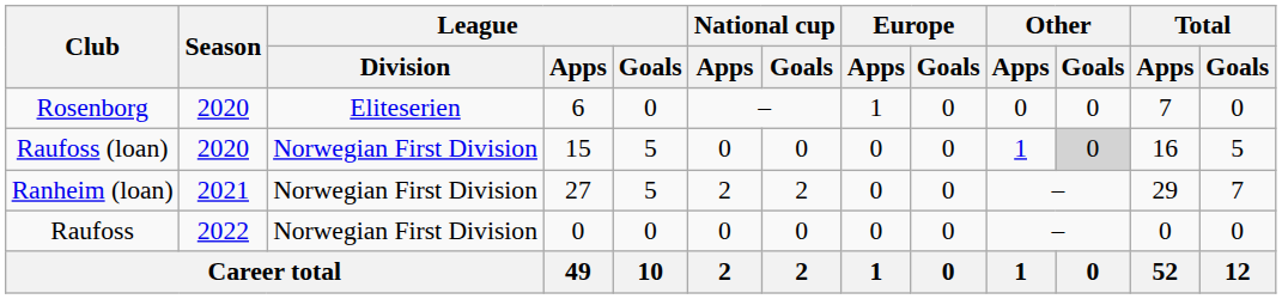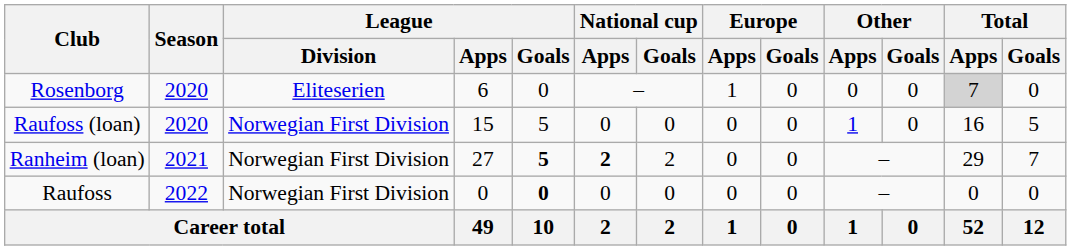 <table class="wikitable" style="text-align: center;">
 <tr>
 <th rowspan="2">Club</th>
 <th rowspan="2">Season</th>
 <th colspan="3">League</th>
 <th colspan="2">National cup</th>
 <th colspan="2">Europe</th>
 <th colspan="2">Other</th>
 <th colspan="2">Total</th>
 </tr>
 <tr>
 <th>Division</th>
 <th>Apps</th>
 <th>Goals</th>
 <th>Apps</th>
 <th>Goals</th>
 <th>Apps</th>
 <th>Goals</th>
 <th>Apps</th>
 <th>Goals</th>
 <th>Apps</th>
 <th>Goals</th>
 </tr>
 <tr>
 <td><a href='#'>Rosenborg</a></td>
 <td><a href='#'>2020</a></td>
 <td><a href='#'>Eliteserien</a></td>
 <td>6</td>
 <td>0</td>
 <td colspan=2>–</td>
 <td>1</td>
 <td>0</td>
 <td>0</td>
 <td>0</td>
-<td>7</td>
+<td style="background: lightgrey;">7</td>
 <td>0</td>
 </tr>
 <tr>
 <td><a href='#'>Raufoss</a> (loan)</td>
 <td><a href='#'>2020</a></td>
 <td><a href='#'>Norwegian First Division</a></td>
 <td>15</td>
 <td>5</td>
 <td>0</td>
 <td>0</td>
 <td>0</td>
 <td>0</td>
 <td><a href='#'>1</a></td>
-<td style="background: lightgrey;">0</td>
+<td>0</td>
 <td>16</td>
 <td>5</td>
 </tr>
 <tr>
 <td><a href='#'>Ranheim</a> (loan)</td>
 <td><a href='#'>2021</a></td>
 <td>Norwegian First Division</td>
 <td>27</td>
-<td>5</td>
-<td>2</td>
+<td><strong>5</strong></td>
+<td><strong>2</strong></td>
 <td>2</td>
 <td>0</td>
 <td>0</td>
 <td colspan=2>–</td>
 <td>29</td>
 <td>7</td>
 </tr>
 <tr>
 <td>Raufoss</td>
 <td><a href='#'>2022</a></td>
 <td>Norwegian First Division</td>
 <td>0</td>
-<td>0</td>
+<td><strong>0</strong></td>
 <td>0</td>
 <td>0</td>
 <td>0</td>
 <td>0</td>
 <td colspan=2>–</td>
 <td>0</td>
 <td>0</td>
 </tr>
 <tr>
 <th colspan="3">Career total</th>
 <th>49</th>
 <th>10</th>
 <th>2</th>
 <th>2</th>
 <th>1</th>
 <th>0</th>
 <th>1</th>
 <th>0</th>
 <th>52</th>
 <th>12</th>
 </tr>
 </table>
